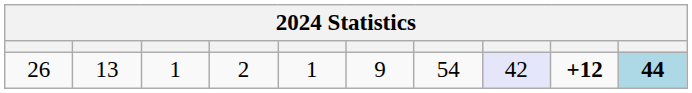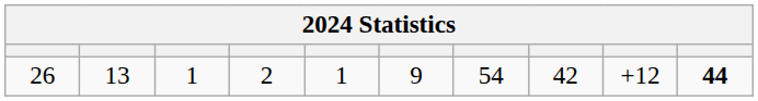 <table class="wikitable" style="text-align: center;">
 <tr>
 <th colspan=10><strong>2024 Statistics</strong></th>
 </tr>
 <tr>
 <th style="width: 40px;"></th>
 <th style="width: 40px;"></th>
 <th style="width: 40px;"></th>
 <th style="width: 40px;"></th>
 <th style="width: 40px;"></th>
 <th style="width: 40px;"></th>
 <th style="width: 40px;"></th>
 <th style="width: 40px;"></th>
 <th style="width: 40px;"></th>
 <th style="width: 40px;"></th>
 </tr>
 <tr>
 <td>26</td>
 <td>13</td>
 <td>1</td>
 <td>2</td>
 <td>1</td>
 <td>9</td>
 <td>54</td>
-<td style="background: lavender;">42</td>
-<td><strong>+12</strong></td>
-<td style="background: lightblue;"><strong>44</strong></td>
+<td>42</td>
+<td>+12</td>
+<td><strong>44</strong></td>
 </tr>
 </table>
